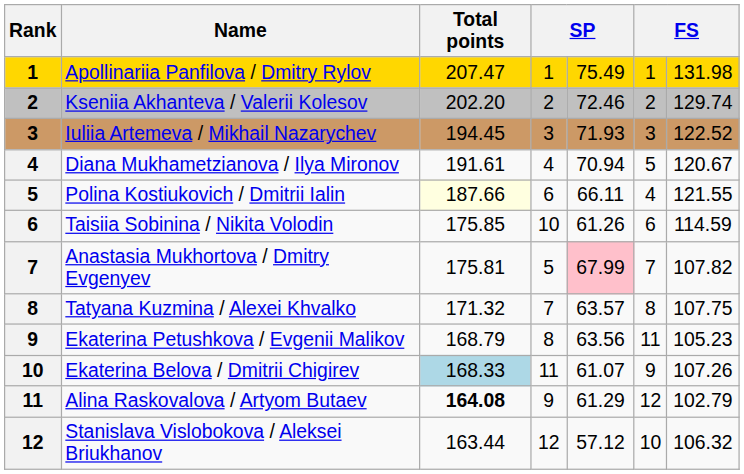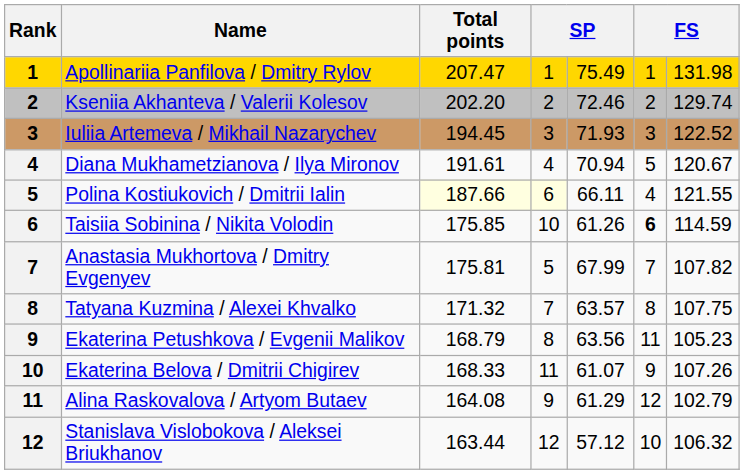 <table class="wikitable sortable">
 <tr>
 <th>Rank</th>
 <th>Name</th>
 <th>Total points</th>
 <th colspan="2" width="80px"><a href='#'>SP</a></th>
 <th colspan="2" width="80px"><a href='#'>FS</a></th>
 </tr>
 <tr bgcolor="gold">
 <td align="center"><strong>1</strong></td>
 <td><a href='#'>Apollinariia Panfilova</a> / <a href='#'>Dmitry Rylov</a></td>
 <td align="center">207.47</td>
 <td align="center">1</td>
 <td align="center">75.49</td>
 <td align="center">1</td>
 <td align="center">131.98</td>
 </tr>
 <tr bgcolor="silver">
 <td align="center"><strong>2</strong></td>
 <td><a href='#'>Kseniia Akhanteva</a> / <a href='#'>Valerii Kolesov</a></td>
 <td align="center">202.20</td>
 <td align="center">2</td>
 <td align="center">72.46</td>
 <td align="center">2</td>
 <td align="center">129.74</td>
 </tr>
 <tr bgcolor="cc9966">
 <td align="center"><strong>3</strong></td>
 <td><a href='#'>Iuliia Artemeva</a> / <a href='#'>Mikhail Nazarychev</a></td>
 <td align="center">194.45</td>
 <td align="center">3</td>
 <td align="center">71.93</td>
 <td align="center">3</td>
 <td align="center">122.52</td>
 </tr>
 <tr>
 <th>4</th>
 <td><a href='#'>Diana Mukhametzianova</a> / <a href='#'>Ilya Mironov</a></td>
 <td align="center">191.61</td>
 <td align="center">4</td>
 <td align="center">70.94</td>
 <td align="center">5</td>
 <td align="center">120.67</td>
 </tr>
 <tr>
 <th>5</th>
 <td><a href='#'>Polina Kostiukovich</a> / <a href='#'>Dmitrii Ialin</a></td>
 <td align="center" style="background: lightyellow;">187.66</td>
-<td align="center">6</td>
+<td align="center" style="background: lightyellow;">6</td>
 <td align="center">66.11</td>
 <td align="center">4</td>
 <td align="center">121.55</td>
 </tr>
 <tr>
 <th>6</th>
 <td><a href='#'>Taisiia Sobinina</a> / <a href='#'>Nikita Volodin</a></td>
 <td align="center">175.85</td>
 <td align="center">10</td>
 <td align="center">61.26</td>
-<td align="center">6</td>
+<td align="center"><strong>6</strong></td>
 <td align="center">114.59</td>
 </tr>
 <tr>
 <th>7</th>
 <td><a href='#'>Anastasia Mukhortova</a> / <a href='#'>Dmitry Evgenyev</a></td>
 <td align="center">175.81</td>
 <td align="center">5</td>
-<td align="center" style="background: pink;">67.99</td>
+<td align="center">67.99</td>
 <td align="center">7</td>
 <td align="center">107.82</td>
 </tr>
 <tr>
 <th>8</th>
 <td><a href='#'>Tatyana Kuzmina</a> / <a href='#'>Alexei Khvalko</a></td>
 <td align="center">171.32</td>
 <td align="center">7</td>
 <td align="center">63.57</td>
 <td align="center">8</td>
 <td align="center">107.75</td>
 </tr>
 <tr>
 <th>9</th>
 <td><a href='#'>Ekaterina Petushkova</a> / <a href='#'>Evgenii Malikov</a></td>
 <td align="center">168.79</td>
 <td align="center">8</td>
 <td align="center">63.56</td>
 <td align="center">11</td>
 <td align="center">105.23</td>
 </tr>
 <tr>
 <th>10</th>
 <td><a href='#'>Ekaterina Belova</a> / <a href='#'>Dmitrii Chigirev</a></td>
-<td align="center" style="background: lightblue;">168.33</td>
+<td align="center">168.33</td>
 <td align="center">11</td>
 <td align="center">61.07</td>
 <td align="center">9</td>
 <td align="center">107.26</td>
 </tr>
 <tr>
 <th>11</th>
 <td><a href='#'>Alina Raskovalova</a> / <a href='#'>Artyom Butaev</a></td>
-<td align="center"><strong>164.08</strong></td>
+<td align="center">164.08</td>
 <td align="center">9</td>
 <td align="center">61.29</td>
 <td align="center">12</td>
 <td align="center">102.79</td>
 </tr>
 <tr>
 <th>12</th>
 <td><a href='#'>Stanislava Vislobokova</a> / <a href='#'>Aleksei Briukhanov</a></td>
 <td align="center">163.44</td>
 <td align="center">12</td>
 <td align="center">57.12</td>
 <td align="center">10</td>
 <td align="center">106.32</td>
 </tr>
 </table>
